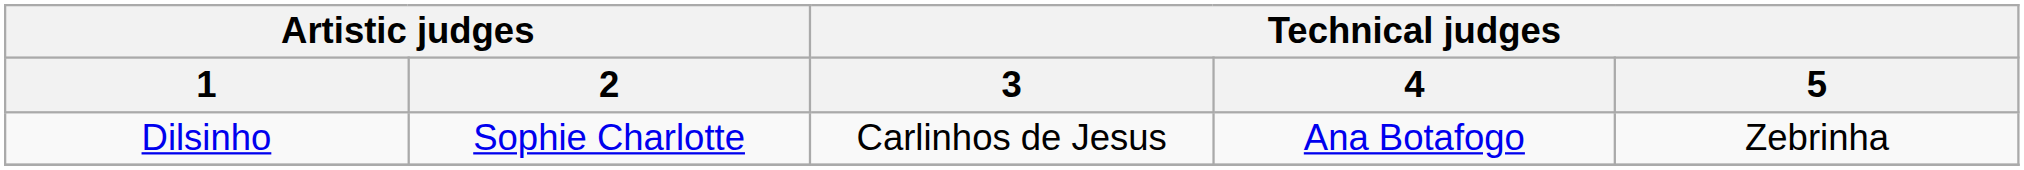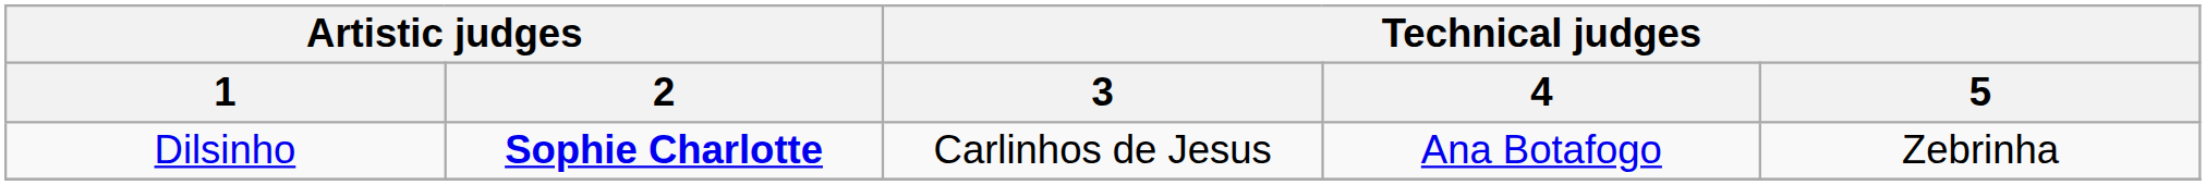 <table class="wikitable" style="font-size:100%; line-height:16px; text-align:center" width="100%">
 <tr>
 <th colspan=2>Artistic judges</th>
 <th colspan=3>Technical judges</th>
 </tr>
 <tr>
 <th width="20.0%">1</th>
 <th width="20.0%">2</th>
 <th width="20.0%">3</th>
 <th width="20.0%">4</th>
 <th width="20.0%">5</th>
 </tr>
 <tr>
 <td><a href='#'>Dilsinho</a></td>
-<td><a href='#'>Sophie Charlotte</a></td>
+<td><strong><a href='#'>Sophie Charlotte</a></strong></td>
 <td>Carlinhos de Jesus</td>
 <td><a href='#'>Ana Botafogo</a></td>
 <td>Zebrinha</td>
 </tr>
 <tr>
 </tr>
 </table>
